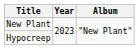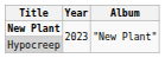 <table class="wikitable">
 <tr>
 <th>Title</th>
 <th>Year</th>
 <th>Album</th>
 </tr>
 <tr>
-<td>New Plant</td>
+<td><strong>New Plant</strong></td>
 <td rowspan="2">2023</td>
 <td rowspan="2">"New Plant"</td>
 </tr>
 <tr>
-<td>Hypocreep</td>
+<td style="background: lightgrey;">Hypocreep</td>
 </tr>
 </table>
